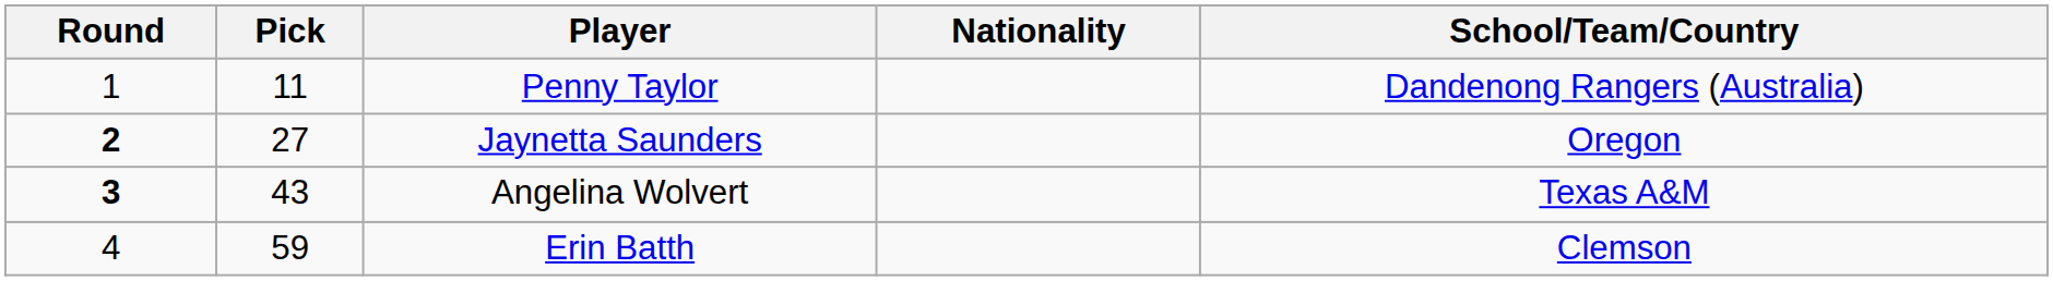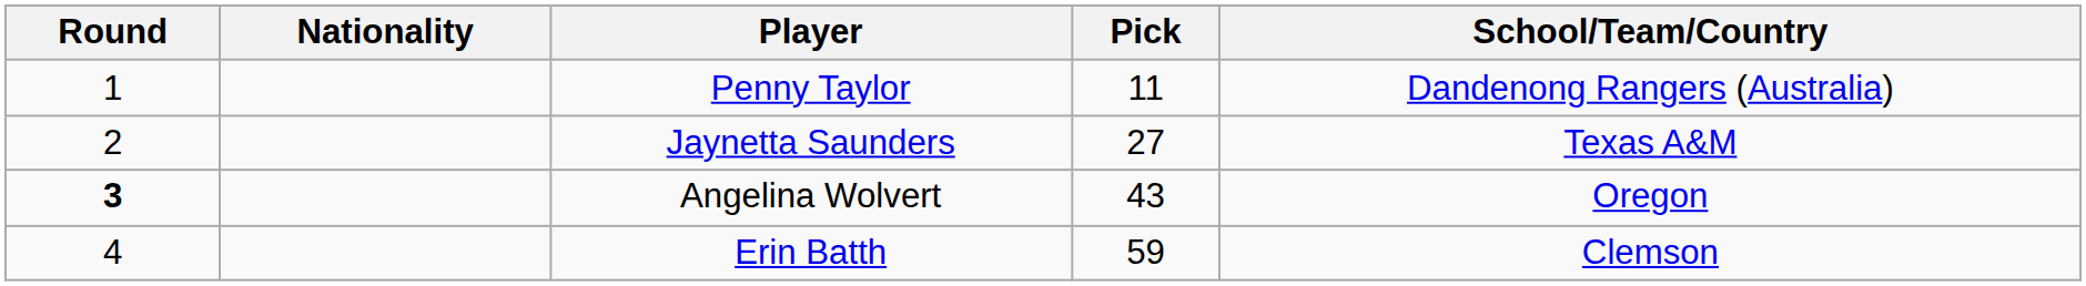 <table class="wikitable" style="text-align:center; width:60em">
 <tr>
 <th>Round</th>
+<th>Nationality</th>
+<th>Player</th>
 <th>Pick</th>
-<th>Player</th>
-<th>Nationality</th>
 <th>School/Team/Country</th>
 </tr>
 <tr>
 <td>1</td>
+<td></td>
+<td><a href='#'>Penny Taylor</a></td>
 <td>11</td>
-<td><a href='#'>Penny Taylor</a></td>
-<td></td>
 <td><a href='#'>Dandenong Rangers</a> (<a href='#'>Australia</a>)</td>
 </tr>
 <tr>
-<td><strong>2</strong></td>
+<td>2</td>
+<td></td>
+<td><a href='#'>Jaynetta Saunders</a></td>
 <td>27</td>
-<td><a href='#'>Jaynetta Saunders</a></td>
+<td><a href='#'>Texas A&M</a></td>
+</tr>
+<tr>
+<td><strong>3</strong></td>
 <td></td>
+<td>Angelina Wolvert</td>
+<td>43</td>
 <td><a href='#'>Oregon</a></td>
 </tr>
 <tr>
-<td><strong>3</strong></td>
-<td>43</td>
-<td>Angelina Wolvert</td>
+<td>4</td>
 <td></td>
-<td><a href='#'>Texas A&M</a></td>
-</tr>
-<tr>
-<td>4</td>
+<td><a href='#'>Erin Batth</a></td>
 <td>59</td>
-<td><a href='#'>Erin Batth</a></td>
-<td></td>
 <td><a href='#'>Clemson</a></td>
 </tr>
 </table>
